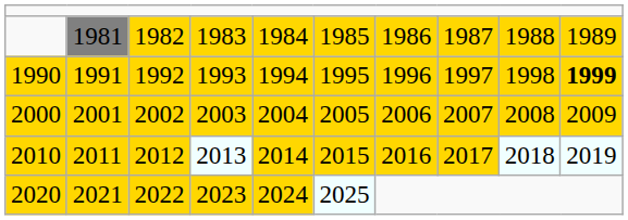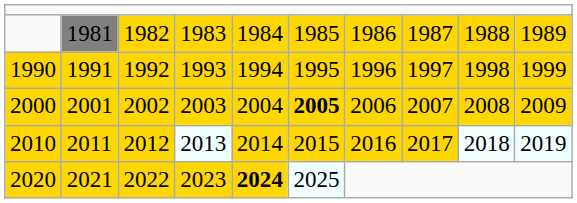 <table class="wikitable">
 <tr>
 <td colspan="10"></td>
 </tr>
 <tr>
 <td></td>
 <td style="background: grey;">1981</td>
 <td style="background: gold;">1982</td>
 <td style="background: gold;">1983</td>
 <td style="background: gold;">1984</td>
 <td style="background: gold;">1985</td>
 <td style="background: gold;">1986</td>
 <td style="background: gold;">1987</td>
 <td style="background: gold;">1988</td>
 <td style="background: gold;">1989</td>
 </tr>
 <tr>
 <td style="background: gold;">1990</td>
 <td style="background: gold;">1991</td>
 <td style="background: gold;">1992</td>
 <td style="background: gold;">1993</td>
 <td style="background: gold;">1994</td>
 <td style="background: gold;">1995</td>
 <td style="background: gold;">1996</td>
 <td style="background: gold;">1997</td>
 <td style="background: gold;">1998</td>
-<td style="background: gold;"><strong>1999</strong></td>
+<td style="background: gold;">1999</td>
 </tr>
 <tr>
 <td style="background: gold;">2000</td>
 <td style="background: gold;">2001</td>
 <td style="background: gold;">2002</td>
 <td style="background: gold;">2003</td>
 <td style="background: gold;">2004</td>
-<td style="background: gold;">2005</td>
+<td style="background: gold;"><strong>2005</strong></td>
 <td style="background: gold;">2006</td>
 <td style="background: gold;">2007</td>
 <td style="background: gold;">2008</td>
 <td style="background: gold;">2009</td>
 </tr>
 <tr>
 <td style="background: gold;">2010</td>
 <td style="background: gold;">2011</td>
 <td style="background: gold;">2012</td>
 <td style="background: azure;">2013</td>
 <td style="background: gold;">2014</td>
 <td style="background: gold;">2015</td>
 <td style="background: gold;">2016</td>
 <td style="background: gold;">2017</td>
 <td style="background: azure;">2018</td>
 <td style="background: azure;">2019</td>
 </tr>
 <tr>
 <td style="background: gold;">2020</td>
 <td style= "background: gold;">2021</td>
 <td style= "background: gold;">2022</td>
 <td style= "background: gold;">2023</td>
-<td style= "background: gold;">2024</td>
+<td style= "background: gold;"><strong>2024</strong></td>
 <td style="background: azure;">2025</td>
 </tr>
 </table>
